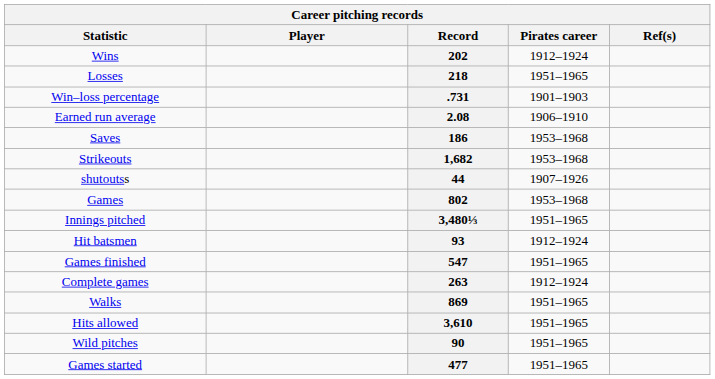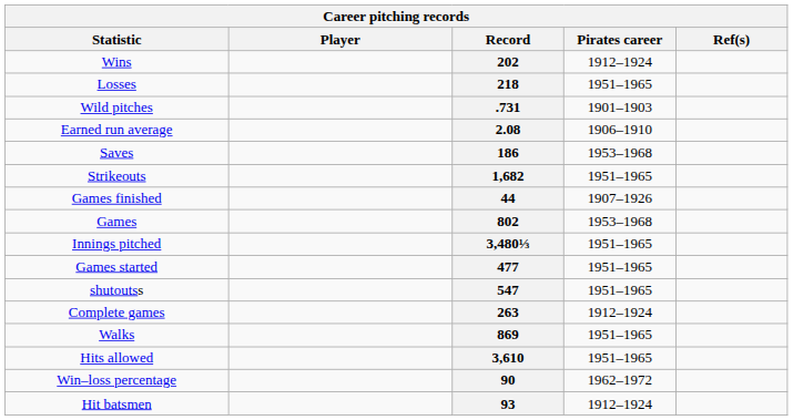 <table class="wikitable sortable" style="text-align:center" width="69%">
 <tr>
 <th colspan=5>Career pitching records</th>
 </tr>
 <tr>
 <th scope="col" width=20%>Statistic</th>
 <th scope="col" width=20%>Player</th>
 <th scope="col" width=10% class="unsortable">Record</th>
 <th scope="col" width=10%>Pirates career</th>
 <th scope="col" width=10% class="unsortable">Ref(s)</th>
 </tr>
 <tr>
 <td><a href='#'>Wins</a></td>
 <td></td>
 <th scope="row">202</th>
 <td>1912–1924</td>
 <td></td>
 </tr>
 <tr>
 <td><a href='#'>Losses</a></td>
 <td></td>
 <th scope="row">218</th>
 <td>1951–1965</td>
 <td></td>
 </tr>
 <tr>
-<td><a href='#'>Win–loss percentage</a></td>
+<td><a href='#'>Wild pitches</a></td>
 <td></td>
 <th scope="row">.731</th>
 <td>1901–1903</td>
 <td></td>
 </tr>
 <tr>
 <td><a href='#'>Earned run average</a></td>
 <td></td>
 <th scope="row">2.08</th>
 <td>1906–1910</td>
 <td></td>
 </tr>
 <tr>
 <td><a href='#'>Saves</a></td>
 <td></td>
 <th scope="row">186</th>
 <td>1953–1968</td>
 <td></td>
 </tr>
 <tr>
 <td><a href='#'>Strikeouts</a></td>
 <td></td>
 <th scope="row">1,682</th>
-<td>1953–1968</td>
+<td>1951–1965</td>
 <td></td>
 </tr>
 <tr>
-<td><a href='#'>shutouts</a>s</td>
+<td><a href='#'>Games finished</a></td>
 <td></td>
 <th scope="row">44</th>
 <td>1907–1926</td>
 <td></td>
 </tr>
 <tr>
 <td><a href='#'>Games</a></td>
 <td></td>
 <th scope="row">802</th>
 <td>1953–1968</td>
 <td></td>
 </tr>
 <tr>
 <td><a href='#'>Innings pitched</a></td>
 <td></td>
 <th scope="row">3,480⅓</th>
 <td>1951–1965</td>
 <td></td>
 </tr>
 <tr>
-<td><a href='#'>Hit batsmen</a></td>
+<td><a href='#'>Games started</a></td>
 <td></td>
-<th scope="row">93</th>
-<td>1912–1924</td>
+<th scope="row">477</th>
+<td>1951–1965</td>
 <td></td>
 </tr>
 <tr>
-<td><a href='#'>Games finished</a></td>
+<td><a href='#'>shutouts</a>s</td>
 <td></td>
 <th scope="row">547</th>
 <td>1951–1965</td>
 <td></td>
 </tr>
 <tr>
 <td><a href='#'>Complete games</a></td>
 <td></td>
 <th scope="row">263</th>
 <td>1912–1924</td>
 <td></td>
 </tr>
 <tr>
 <td><a href='#'>Walks</a></td>
 <td></td>
 <th scope="row">869</th>
 <td>1951–1965</td>
 <td></td>
 </tr>
 <tr>
 <td><a href='#'>Hits allowed</a></td>
 <td></td>
 <th scope="row">3,610</th>
 <td>1951–1965</td>
 <td></td>
 </tr>
 <tr>
-<td><a href='#'>Wild pitches</a></td>
+<td><a href='#'>Win–loss percentage</a></td>
 <td></td>
 <th scope="row">90</th>
-<td>1951–1965</td>
+<td>1962–1972</td>
 <td></td>
 </tr>
 <tr>
-<td><a href='#'>Games started</a></td>
+<td><a href='#'>Hit batsmen</a></td>
 <td></td>
-<th scope="row">477</th>
-<td>1951–1965</td>
+<th scope="row">93</th>
+<td>1912–1924</td>
 <td></td>
 </tr>
 </table>
